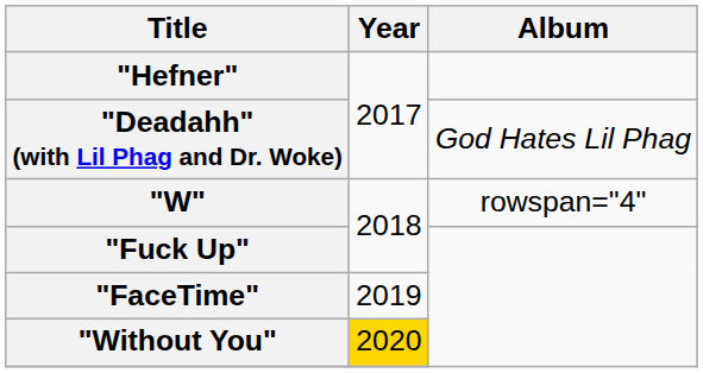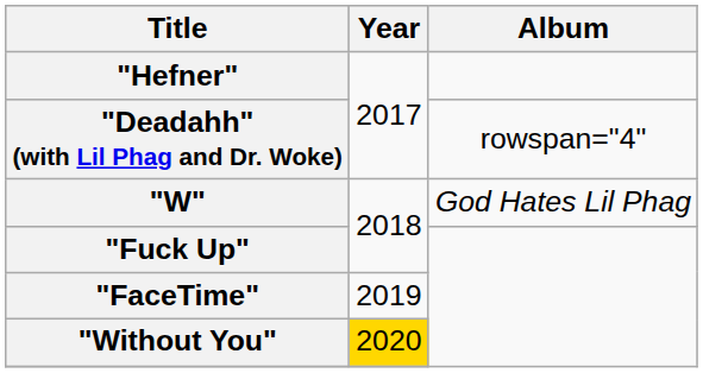 <table class="wikitable plainrowheaders" style="text-align:center;">
 <tr>
 <th scope="col">Title</th>
 <th scope="col">Year</th>
 <th scope="col">Album</th>
 </tr>
 <tr>
 <th scope="row">"Hefner"</th>
 <td rowspan="2">2017</td>
 <td></td>
 </tr>
 <tr>
 <th scope="row">"Deadahh"<br><small>(with <a href='#'>Lil Phag</a> and Dr. Woke)</small></th>
-<td><em>God Hates Lil Phag</em></td>
+<td>rowspan="4" </td>
 </tr>
 <tr>
 <th scope="row">"W"</th>
 <td rowspan="2">2018</td>
-<td>rowspan="4" </td>
+<td><em>God Hates Lil Phag</em></td>
 </tr>
 <tr>
 <th scope="row">"Fuck Up"</th>
 </tr>
 <tr>
 <th scope="row">"FaceTime"</th>
 <td>2019</td>
 </tr>
 <tr>
 <th scope="row">"Without You"</th>
 <td style="background: gold;">2020</td>
 </tr>
 <tr>
 </tr>
 </table>
